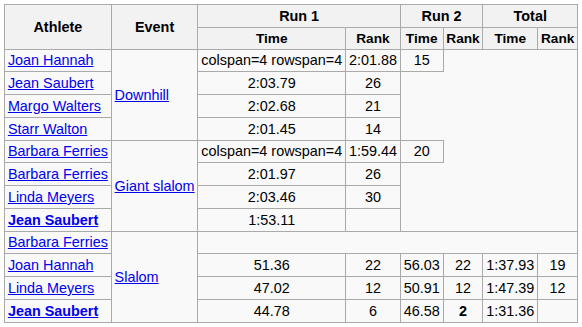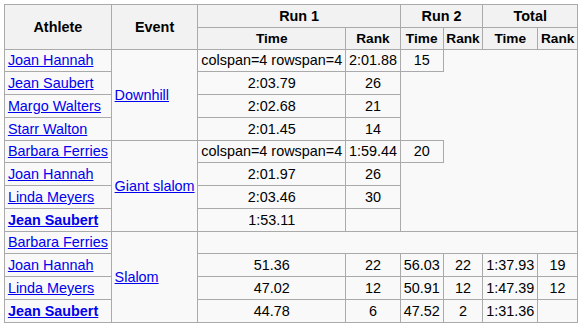 <table class=wikitable style=font-size:90%;text-align:center>
 <tr>
 <th rowspan=2>Athlete</th>
 <th rowspan=2>Event</th>
 <th colspan=2>Run 1</th>
 <th colspan=2>Run 2</th>
 <th colspan=2>Total</th>
 </tr>
 <tr style=font-size:95%>
 <th>Time</th>
 <th>Rank</th>
 <th>Time</th>
 <th>Rank</th>
 <th>Time</th>
 <th>Rank</th>
 </tr>
 <tr>
 <td align=left><a href='#'>Joan Hannah</a></td>
 <td align=left rowspan=4><a href='#'>Downhill</a></td>
 <td>colspan=4 rowspan=4 </td>
 <td>2:01.88</td>
 <td>15</td>
 </tr>
 <tr>
 <td align=left><a href='#'>Jean Saubert</a></td>
 <td>2:03.79</td>
 <td>26</td>
 </tr>
 <tr>
 <td align=left><a href='#'>Margo Walters</a></td>
 <td>2:02.68</td>
 <td>21</td>
 </tr>
 <tr>
 <td align=left><a href='#'>Starr Walton</a></td>
 <td>2:01.45</td>
 <td>14</td>
 </tr>
 <tr>
 <td align=left><a href='#'>Barbara Ferries</a></td>
 <td align=left rowspan=4><a href='#'>Giant slalom</a></td>
 <td>colspan=4 rowspan=4 </td>
 <td>1:59.44</td>
 <td>20</td>
 </tr>
 <tr>
-<td align=left><a href='#'>Barbara Ferries</a></td>
+<td align=left><a href='#'>Joan Hannah</a></td>
 <td>2:01.97</td>
 <td>26</td>
 </tr>
 <tr>
 <td align=left><a href='#'>Linda Meyers</a></td>
 <td>2:03.46</td>
 <td>30</td>
 </tr>
 <tr>
 <td align=left><strong><a href='#'>Jean Saubert</a></strong></td>
 <td>1:53.11</td>
 <td></td>
 </tr>
 <tr>
 <td align=left><a href='#'>Barbara Ferries</a></td>
 <td align=left rowspan=4><a href='#'>Slalom</a></td>
 <td colspan=6></td>
 </tr>
 <tr>
 <td align=left><a href='#'>Joan Hannah</a></td>
 <td>51.36</td>
 <td>22</td>
 <td>56.03</td>
 <td>22</td>
 <td>1:37.93</td>
 <td>19</td>
 </tr>
 <tr>
 <td align=left><a href='#'>Linda Meyers</a></td>
 <td>47.02</td>
 <td>12</td>
 <td>50.91</td>
 <td>12</td>
 <td>1:47.39</td>
 <td>12</td>
 </tr>
 <tr>
 <td align=left><strong><a href='#'>Jean Saubert</a></strong></td>
 <td>44.78</td>
 <td>6</td>
-<td>46.58</td>
-<td><strong>2</strong></td>
+<td>47.52</td>
+<td>2</td>
 <td>1:31.36</td>
 <td></td>
 </tr>
 </table>
